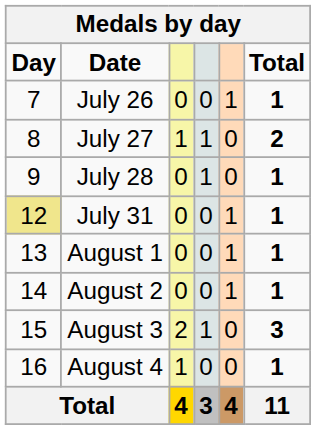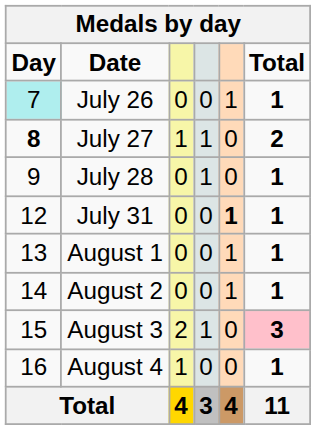 <table class=wikitable style="font-size:85%; float:right;text-align:center">
 <tr>
 <th colspan=7>Medals by day</th>
 </tr>
 <tr>
 <td><strong>Day</strong></td>
 <td><strong>Date</strong></td>
 <td bgcolor=F7F6A8></td>
 <td bgcolor=DCE5E5></td>
 <td bgcolor=FFDAB9></td>
 <td><strong>Total</strong></td>
 </tr>
 <tr>
-<td>7</td>
+<td style="background: paleturquoise;">7</td>
 <td>July 26</td>
 <td bgcolor=F7F6A8>0</td>
 <td bgcolor=DCE5E5>0</td>
 <td bgcolor=FFDAB9>1</td>
 <td><strong>1</strong></td>
 </tr>
 <tr>
-<td>8</td>
+<td><strong>8</strong></td>
 <td>July 27</td>
 <td bgcolor=F7F6A8>1</td>
 <td bgcolor=DCE5E5>1</td>
 <td bgcolor=FFDAB9>0</td>
 <td><strong>2</strong></td>
 </tr>
 <tr>
 <td>9</td>
 <td>July 28</td>
 <td bgcolor=F7F6A8>0</td>
 <td bgcolor=DCE5E5>1</td>
 <td bgcolor=FFDAB9>0</td>
 <td><strong>1</strong></td>
 </tr>
 <tr>
-<td style="background: khaki;">12</td>
+<td>12</td>
 <td>July 31</td>
 <td bgcolor=F7F6A8>0</td>
 <td bgcolor=DCE5E5>0</td>
-<td bgcolor=FFDAB9>1</td>
+<td bgcolor=FFDAB9><strong>1</strong></td>
 <td><strong>1</strong></td>
 </tr>
 <tr>
 <td>13</td>
 <td>August 1</td>
 <td bgcolor=F7F6A8>0</td>
 <td bgcolor=DCE5E5>0</td>
 <td bgcolor=FFDAB9>1</td>
 <td><strong>1</strong></td>
 </tr>
 <tr>
 <td>14</td>
 <td>August 2</td>
 <td bgcolor=F7F6A8>0</td>
 <td bgcolor=DCE5E5>0</td>
 <td bgcolor=FFDAB9>1</td>
 <td><strong>1</strong></td>
 </tr>
 <tr>
 <td>15</td>
 <td>August 3</td>
 <td bgcolor=F7F6A8>2</td>
 <td bgcolor=DCE5E5>1</td>
 <td bgcolor=FFDAB9>0</td>
-<td><strong>3</strong></td>
+<td style="background: pink;"><strong>3</strong></td>
 </tr>
 <tr>
 <td>16</td>
 <td>August 4</td>
 <td bgcolor=F7F6A8>1</td>
 <td bgcolor=DCE5E5>0</td>
 <td bgcolor=FFDAB9>0</td>
 <td><strong>1</strong></td>
 </tr>
 <tr>
 <th colspan=2>Total</th>
 <th style=background:gold>4</th>
 <th style=background:silver>3</th>
 <th style=background:#C96>4</th>
 <th>11</th>
 </tr>
 </table>
